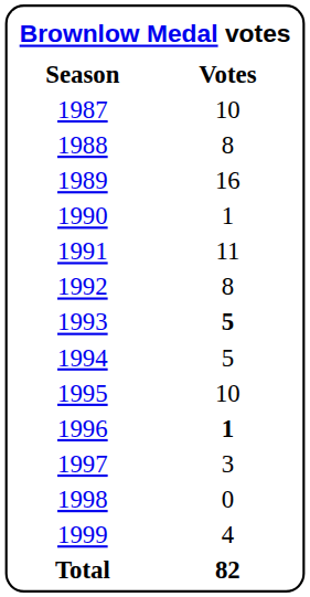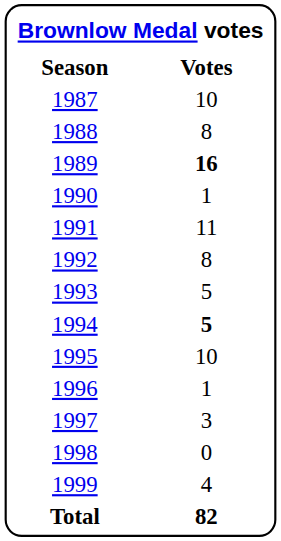 <table style="margin-right:4px; margin-top:8px; float:right; border:1px #000 solid; border-radius:8px; background:#fff; font-family:Verdana; font-size:8pt; text-align:center;">
 <tr style="background:#fff;">
 <td colspan="2;" style="padding:3px; margin-bottom:-3px; margin-top:2px; font-family:Arial; "><strong><a href='#'>Brownlow Medal</a> votes</strong></td>
 </tr>
 <tr>
 <th style="width:50%;">Season</th>
 <th style="width:50%;">Votes</th>
 </tr>
 <tr>
 <td><a href='#'>1987</a></td>
 <td>10</td>
 </tr>
 <tr>
 <td><a href='#'>1988</a></td>
 <td>8</td>
 </tr>
 <tr>
 <td><a href='#'>1989</a></td>
-<td>16</td>
+<td><strong>16</strong></td>
 </tr>
 <tr>
 <td><a href='#'>1990</a></td>
 <td>1</td>
 </tr>
 <tr>
 <td><a href='#'>1991</a></td>
 <td>11</td>
 </tr>
 <tr>
 <td><a href='#'>1992</a></td>
 <td>8</td>
 </tr>
 <tr>
 <td><a href='#'>1993</a></td>
-<td><strong>5</strong></td>
+<td>5</td>
 </tr>
 <tr>
 <td><a href='#'>1994</a></td>
-<td>5</td>
+<td><strong>5</strong></td>
 </tr>
 <tr>
 <td><a href='#'>1995</a></td>
 <td>10</td>
 </tr>
 <tr>
 <td><a href='#'>1996</a></td>
-<td><strong>1</strong></td>
+<td>1</td>
 </tr>
 <tr>
 <td><a href='#'>1997</a></td>
 <td>3</td>
 </tr>
 <tr>
 <td><a href='#'>1998</a></td>
 <td>0</td>
 </tr>
 <tr>
 <td><a href='#'>1999</a></td>
 <td>4</td>
 </tr>
 <tr>
 <td><strong>Total</strong></td>
 <td><strong>82</strong></td>
 </tr>
 </table>
